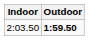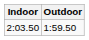 <table class="wikitable" border="1" align="upright">
 <tr>
 <th>Indoor</th>
 <th>Outdoor</th>
 </tr>
 <tr>
 <td>2:03.50</td>
-<td><strong>1:59.50</strong></td>
+<td>1:59.50</td>
 </tr>
 </table>
